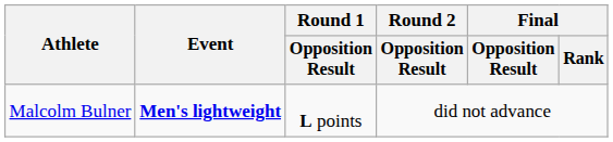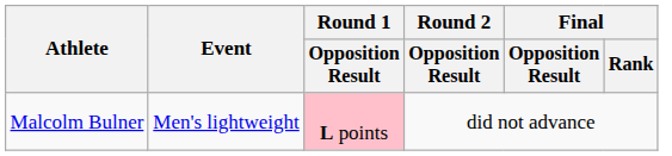 <table class="wikitable" style="font-size:90%">
 <tr>
 <th rowspan=2>Athlete</th>
 <th rowspan=2>Event</th>
 <th>Round 1</th>
 <th>Round 2</th>
 <th colspan=2>Final</th>
 </tr>
 <tr style=font-size:95%>
 <th>Opposition<br>Result</th>
 <th>Opposition<br>Result</th>
 <th>Opposition<br>Result</th>
 <th>Rank</th>
 </tr>
 <tr align=center>
 <td align=left><a href='#'>Malcolm Bulner</a></td>
-<td align=left><strong><a href='#'>Men's lightweight</a></strong></td>
-<td><br><strong>L</strong> points</td>
+<td align=left><a href='#'>Men's lightweight</a></td>
+<td style="background: pink;"><br><strong>L</strong> points</td>
 <td colspan=3>did not advance</td>
 </tr>
 </table>
